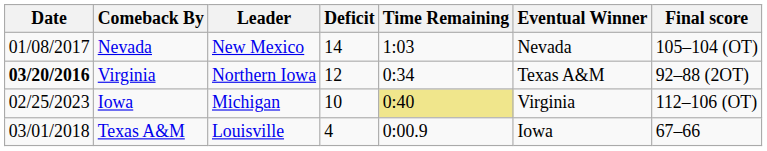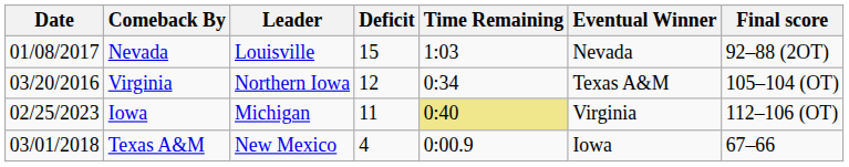 <table class="wikitable sortable">
 <tr>
 <th>Date</th>
 <th>Comeback By</th>
 <th>Leader</th>
 <th>Deficit</th>
 <th>Time Remaining</th>
 <th>Eventual Winner</th>
 <th>Final score</th>
 </tr>
 <tr>
 <td>01/08/2017</td>
 <td><a href='#'>Nevada</a></td>
-<td><a href='#'>New Mexico</a></td>
-<td>14</td>
+<td><a href='#'>Louisville</a></td>
+<td>15</td>
 <td>1:03</td>
 <td>Nevada</td>
-<td>105–104 (OT) </td>
+<td>92–88 (2OT) </td>
 </tr>
 <tr>
-<td><strong>03/20/2016</strong></td>
+<td>03/20/2016</td>
 <td><a href='#'>Virginia</a></td>
 <td><a href='#'>Northern Iowa</a></td>
 <td>12</td>
 <td>0:34</td>
 <td>Texas A&M</td>
-<td>92–88 (2OT) </td>
+<td>105–104 (OT) </td>
 </tr>
 <tr>
 <td>02/25/2023</td>
 <td><a href='#'>Iowa</a></td>
 <td><a href='#'>Michigan</a></td>
-<td>10</td>
+<td>11</td>
 <td style="background: khaki;">0:40</td>
 <td>Virginia</td>
 <td>112–106 (OT)</td>
 </tr>
 <tr>
 <td>03/01/2018</td>
 <td><a href='#'>Texas A&M</a></td>
-<td><a href='#'>Louisville</a></td>
+<td><a href='#'>New Mexico</a></td>
 <td>4</td>
 <td>0:00.9</td>
 <td>Iowa</td>
 <td>67–66 </td>
 </tr>
 </table>
